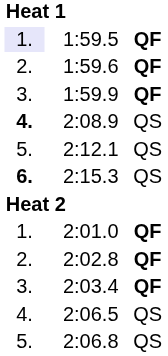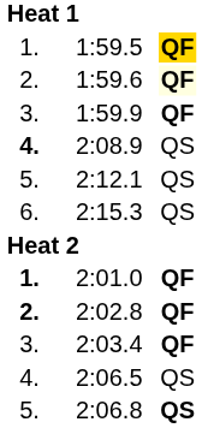 <table style="text-align:center">
 <tr>
 <td colspan=4 align=left><strong>Heat 1</strong></td>
 </tr>
 <tr>
-<td width=30 style="background: lavender;">1.</td>
+<td width=30>1.</td>
 <td align=left></td>
 <td width=60>1:59.5</td>
-<td><strong>QF</strong></td>
+<td style="background: gold;"><strong>QF</strong></td>
 </tr>
 <tr>
 <td>2.</td>
 <td align=left></td>
 <td>1:59.6</td>
-<td><strong>QF</strong></td>
+<td style="background: lightyellow;"><strong>QF</strong></td>
 </tr>
 <tr>
 <td>3.</td>
 <td align=left></td>
 <td>1:59.9</td>
 <td><strong>QF</strong></td>
 </tr>
 <tr>
 <td><strong>4.</strong></td>
 <td align=left></td>
 <td>2:08.9</td>
 <td>QS</td>
 </tr>
 <tr>
 <td>5.</td>
 <td align=left></td>
 <td>2:12.1</td>
 <td>QS</td>
 </tr>
 <tr>
-<td><strong>6.</strong></td>
+<td>6.</td>
 <td align=left></td>
 <td>2:15.3</td>
 <td>QS</td>
 </tr>
 <tr>
 <td colspan=4 align=left><strong>Heat 2</strong></td>
 </tr>
 <tr>
-<td>1.</td>
+<td><strong>1.</strong></td>
 <td align=left></td>
 <td>2:01.0</td>
 <td><strong>QF</strong></td>
 </tr>
 <tr>
-<td>2.</td>
+<td><strong>2.</strong></td>
 <td align=left></td>
 <td>2:02.8</td>
 <td><strong>QF</strong></td>
 </tr>
 <tr>
 <td>3.</td>
 <td align=left></td>
 <td>2:03.4</td>
 <td><strong>QF</strong></td>
 </tr>
 <tr>
 <td>4.</td>
 <td align=left></td>
 <td>2:06.5</td>
 <td>QS</td>
 </tr>
 <tr>
 <td>5.</td>
 <td align=left></td>
 <td>2:06.8</td>
-<td>QS</td>
+<td><strong>QS</strong></td>
 </tr>
 </table>
